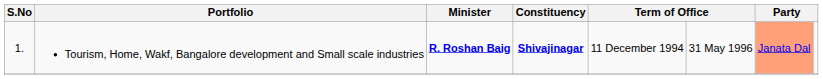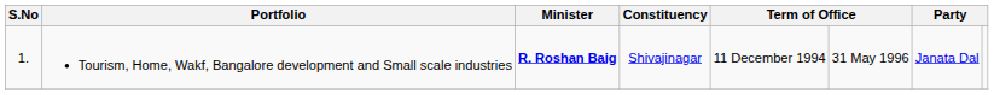 <table class="wikitable sortable" style="text-align:center;">
 <tr>
 <th>S.No</th>
 <th>Portfolio</th>
 <th>Minister</th>
 <th>Constituency</th>
 <th colspan="2">Term of Office</th>
 <th colspan="2" scope="col">Party</th>
 </tr>
 <tr>
 <td>1.</td>
 <td><br><ul><li>Tourism, Home, Wakf, Bangalore development and Small scale industries</li></ul></td>
 <td><strong><a href='#'>R. Roshan Baig</a></strong></td>
-<td><strong><a href='#'>Shivajinagar</a></strong></td>
+<td><a href='#'>Shivajinagar</a></td>
 <td>11 December 1994</td>
 <td>31 May 1996</td>
-<td style="background: lightsalmon;"><a href='#'>Janata Dal</a></td>
+<td><a href='#'>Janata Dal</a></td>
 <td style="background:"></td>
 </tr>
 <tr style="text-align:center">
 </tr>
 </table>
